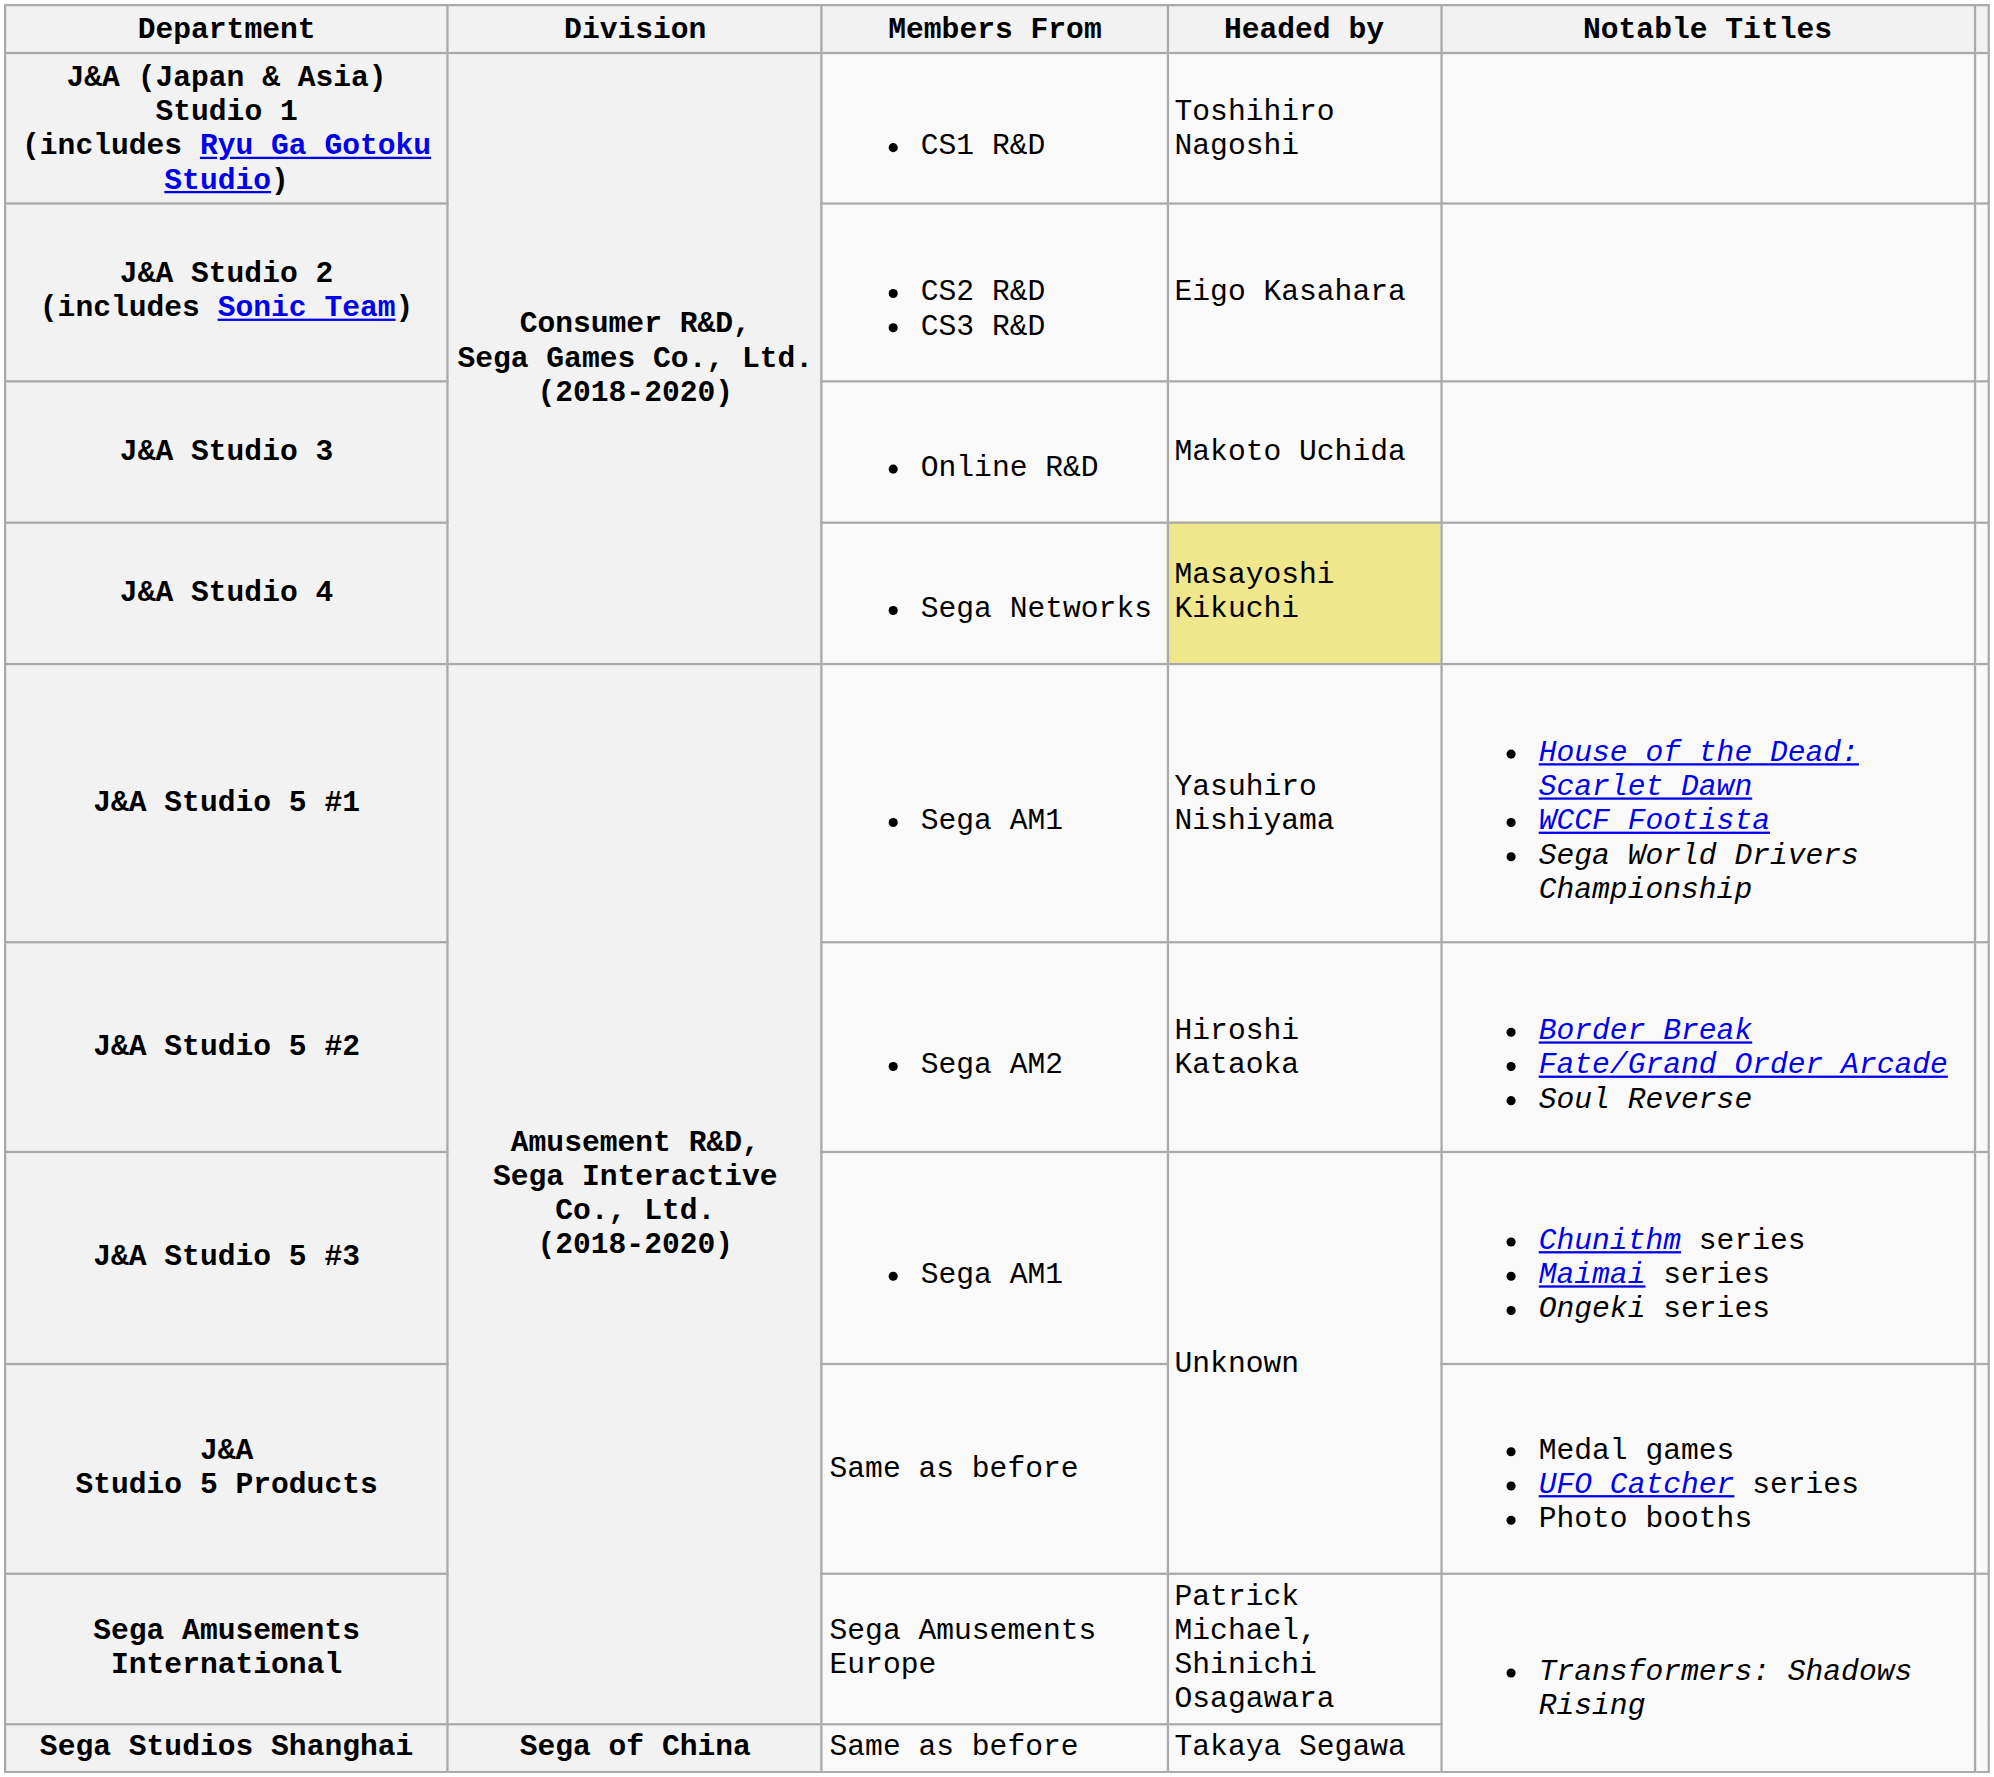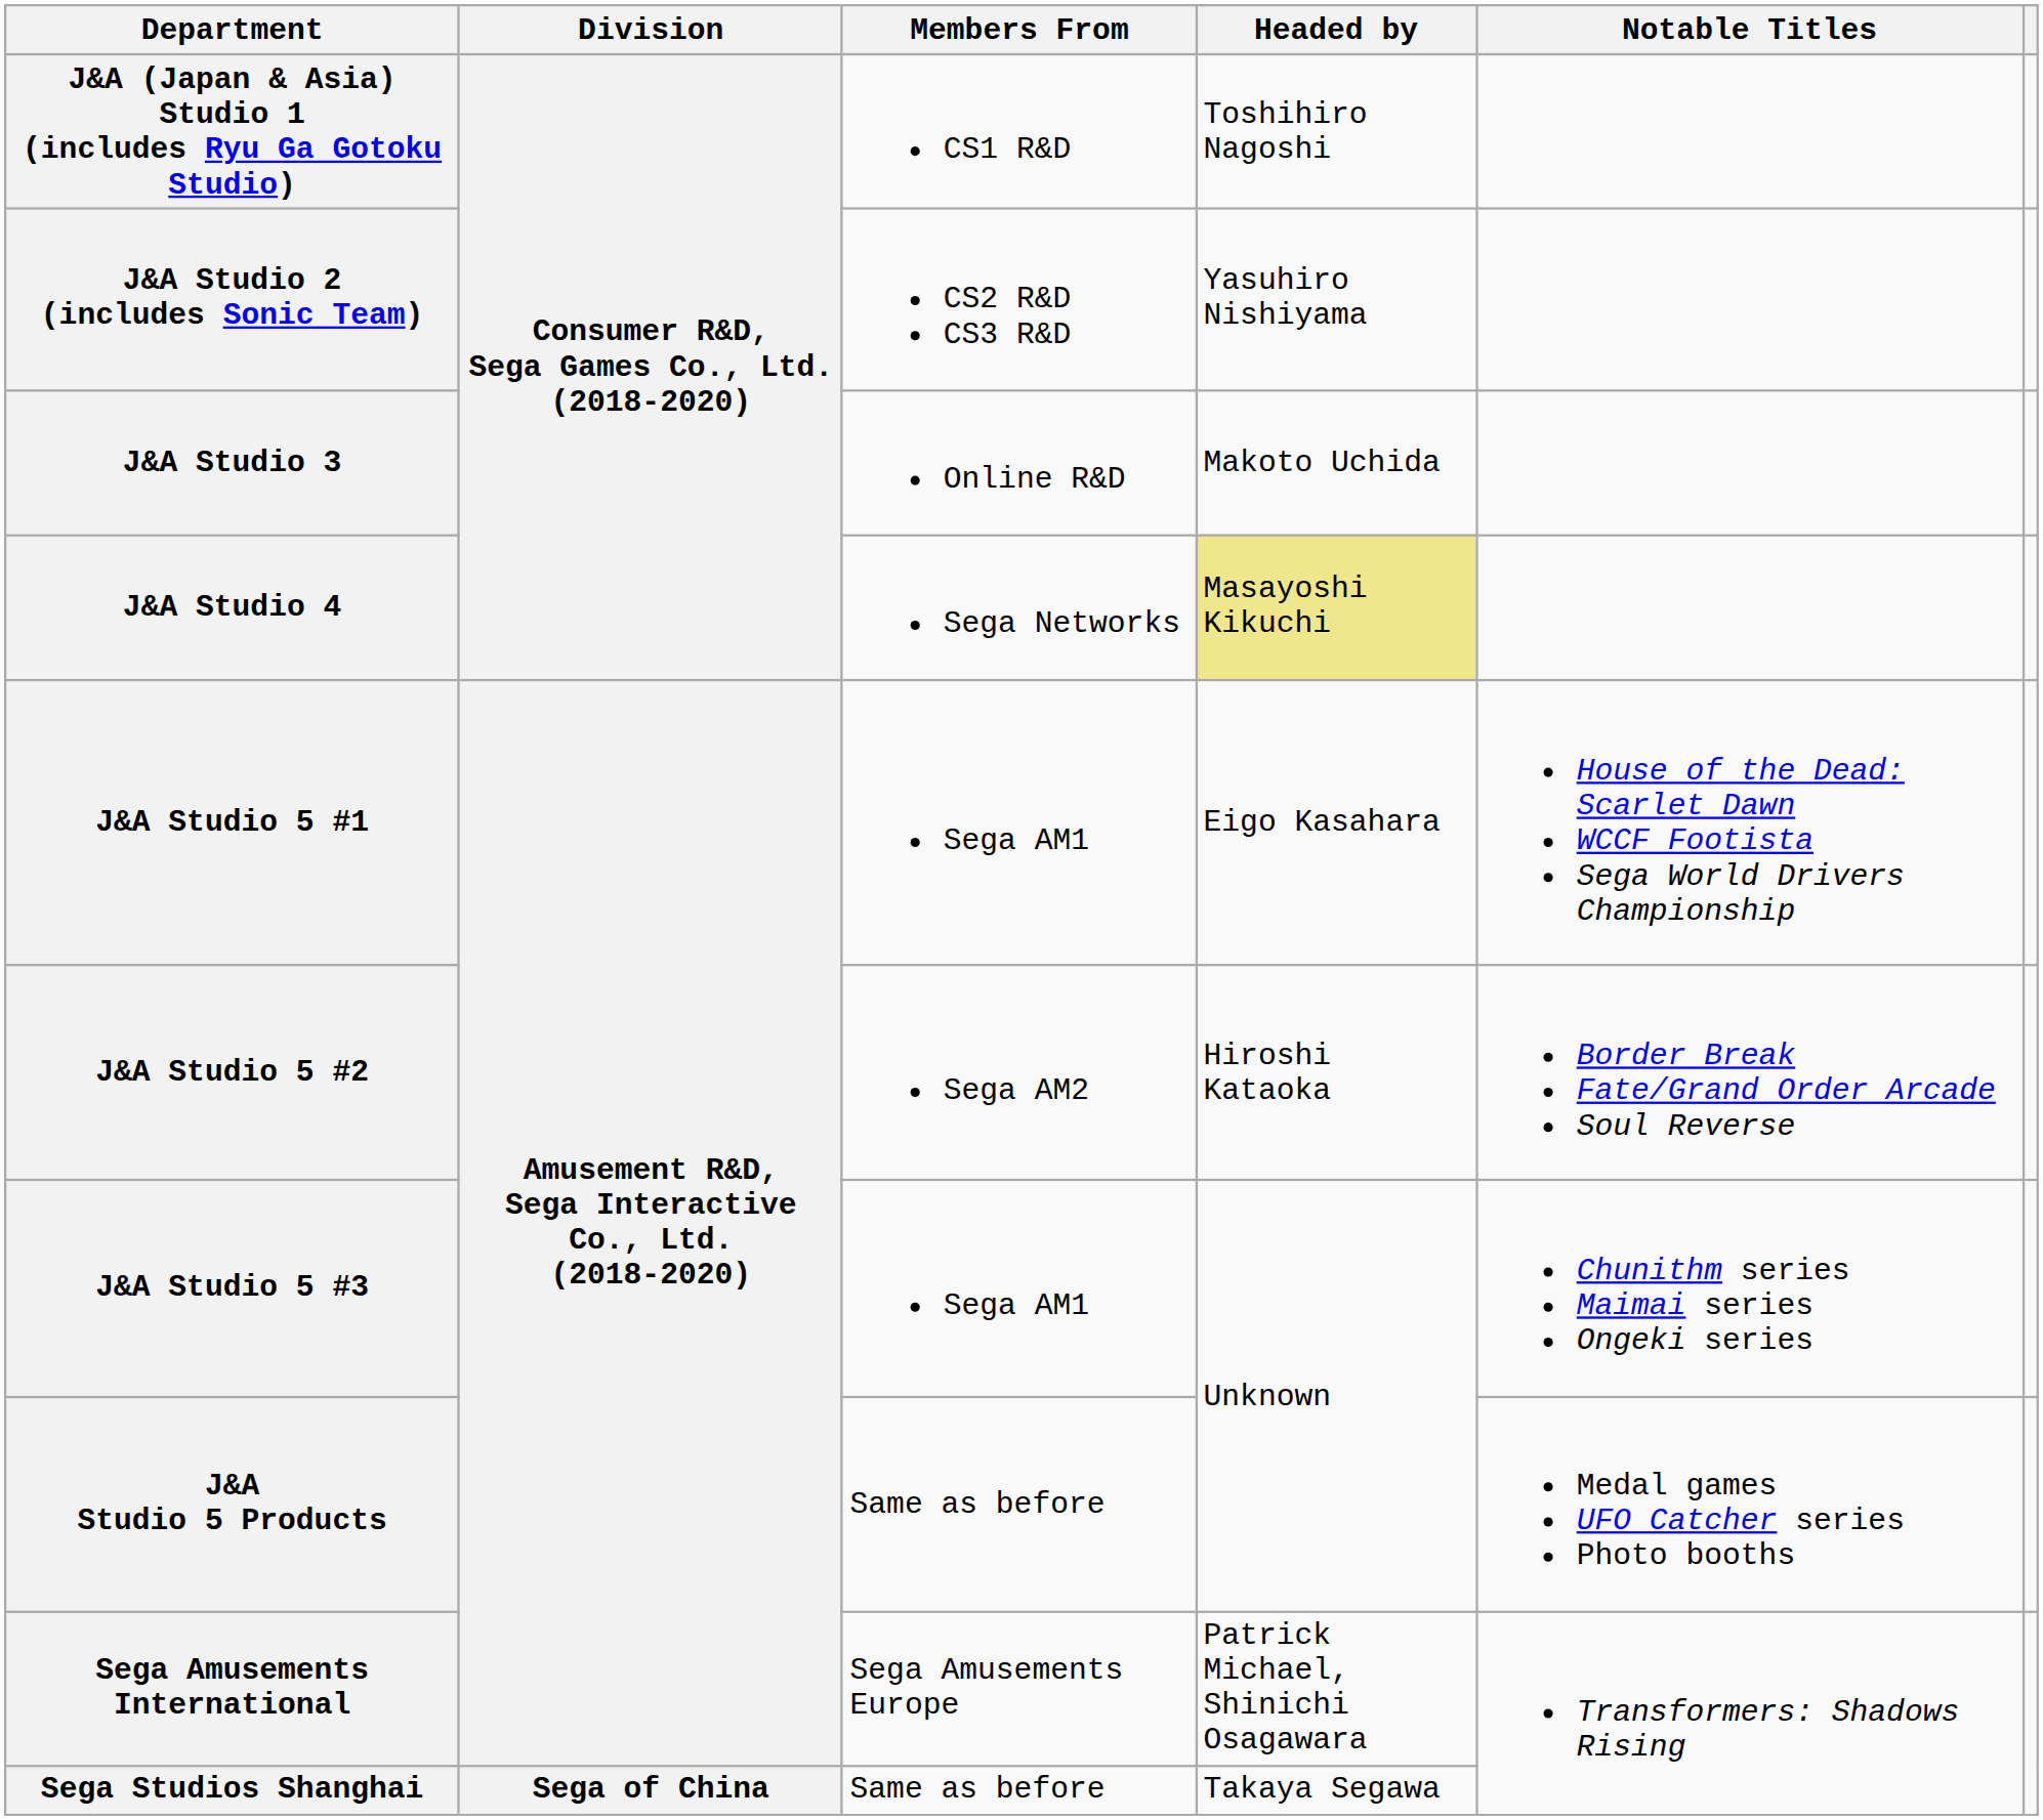 <table class="wikitable">
 <tr>
 <th>Department</th>
 <th>Division</th>
 <th>Members From</th>
 <th>Headed by</th>
 <th>Notable Titles</th>
 <th></th>
 </tr>
 <tr>
 <th>J&A (Japan & Asia) Studio 1<br>(includes <a href='#'>Ryu Ga Gotoku Studio</a>)</th>
 <th rowspan="4">Consumer R&D,<br>Sega Games Co., Ltd.<br>(2018-2020)</th>
 <td><br><ul><li>CS1 R&D</li></ul></td>
 <td>Toshihiro Nagoshi</td>
 <td></td>
 <td></td>
 </tr>
 <tr>
 <th>J&A Studio 2<br>(includes  <a href='#'>Sonic Team</a>)</th>
 <td><br><ul><li>CS2 R&D</li><li>CS3 R&D</li></ul></td>
-<td>Eigo Kasahara</td>
+<td>Yasuhiro Nishiyama</td>
 <td></td>
 <td></td>
 </tr>
 <tr>
 <th>J&A Studio 3</th>
 <td><br><ul><li>Online R&D</li></ul></td>
 <td>Makoto Uchida</td>
 <td></td>
 <td></td>
 </tr>
 <tr>
 <th>J&A Studio 4</th>
 <td><br><ul><li>Sega Networks</li></ul></td>
 <td style="background: khaki;">Masayoshi Kikuchi</td>
 <td></td>
 <td></td>
 </tr>
 <tr>
 <th>J&A Studio 5 #1</th>
 <th rowspan="5">Amusement R&D,<br>Sega Interactive Co., Ltd.<br>(2018-2020)</th>
 <td><br><ul><li>Sega AM1</li></ul></td>
-<td>Yasuhiro Nishiyama</td>
+<td>Eigo Kasahara</td>
 <td><br><ul><li><em><a href='#'>House of the Dead: Scarlet Dawn</a></em></li><li><em><a href='#'>WCCF Footista</a></em></li><li><em>Sega World Drivers Championship</em></li></ul></td>
 <td></td>
 </tr>
 <tr>
 <th>J&A Studio 5 #2</th>
 <td><br><ul><li>Sega AM2</li></ul></td>
 <td>Hiroshi Kataoka</td>
 <td><br><ul><li><em><a href='#'>Border Break</a></em></li><li><em><a href='#'>Fate/Grand Order Arcade</a></em></li><li><em>Soul Reverse</em></li></ul></td>
 <td></td>
 </tr>
 <tr>
 <th>J&A Studio 5 #3</th>
 <td><br><ul><li>Sega AM1</li></ul></td>
 <td rowspan="2">Unknown</td>
 <td><br><ul><li><em><a href='#'>Chunithm</a></em> series</li><li><em><a href='#'>Maimai</a></em> series</li><li><em>Ongeki</em> series</li></ul></td>
 <td></td>
 </tr>
 <tr>
 <th>J&A<br>Studio 5 Products</th>
 <td>Same as before</td>
 <td><br><ul><li>Medal games</li><li><em><a href='#'>UFO Catcher</a></em> series</li><li>Photo booths</li></ul></td>
 <td></td>
 </tr>
 <tr>
 <th>Sega Amusements International</th>
 <td>Sega Amusements Europe</td>
 <td>Patrick Michael,<br>Shinichi Osagawara</td>
 <td rowspan="2"><br><ul><li><em>Transformers: Shadows Rising</em></li></ul></td>
 <td rowspan="2"></td>
 </tr>
 <tr>
 <th>Sega Studios Shanghai</th>
 <th>Sega of China</th>
 <td>Same as before</td>
 <td>Takaya Segawa</td>
 </tr>
 </table>
